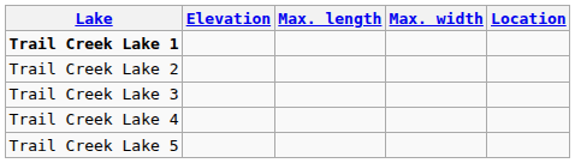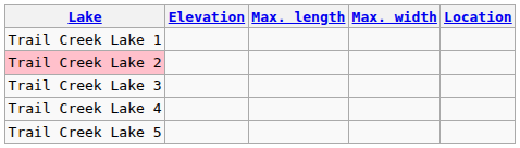 <table class="wikitable sortable">
 <tr>
 <th><a href='#'>Lake</a></th>
 <th><a href='#'>Elevation</a></th>
 <th><a href='#'>Max. length</a></th>
 <th><a href='#'>Max. width</a></th>
 <th><a href='#'>Location</a></th>
 </tr>
 <tr>
-<td><strong>Trail Creek Lake 1</strong></td>
+<td>Trail Creek Lake 1</td>
 <td></td>
 <td></td>
 <td></td>
 <td></td>
 </tr>
 <tr>
-<td>Trail Creek Lake 2</td>
+<td style="background: pink;">Trail Creek Lake 2</td>
 <td></td>
 <td></td>
 <td></td>
 <td></td>
 </tr>
 <tr>
 <td>Trail Creek Lake 3</td>
 <td></td>
 <td></td>
 <td></td>
 <td></td>
 </tr>
 <tr>
 <td>Trail Creek Lake 4</td>
 <td></td>
 <td></td>
 <td></td>
 <td></td>
 </tr>
 <tr>
 <td>Trail Creek Lake 5</td>
 <td></td>
 <td></td>
 <td></td>
 <td></td>
 </tr>
 <tr>
 </tr>
 </table>
